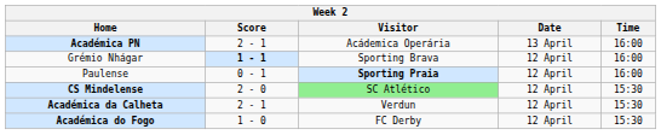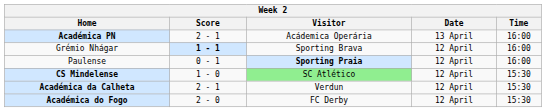 <table class="wikitable" style="margin:1em auto; font-size:95%; text-align: center; width: 95%;">
 <tr>
 <th colspan="12" style="with: 100%;">Week 2</th>
 </tr>
 <tr>
 <th width="200">Home</th>
 <th width="90">Score</th>
 <th width="200">Visitor</th>
 <th width="100">Date</th>
 <th width="50">Time</th>
 </tr>
 <tr>
 <td bgcolor=#D0E7FF><strong>Académica PN</strong></td>
 <td>2 - 1</td>
 <td>Acádemica Operária</td>
 <td>13 April</td>
 <td>16:00</td>
 </tr>
 <tr>
 <td>Grémio Nhágar</td>
 <td bgcolor=#D0E7FF><strong>1 - 1</strong></td>
 <td>Sporting Brava</td>
 <td>12 April</td>
 <td>16:00</td>
 </tr>
 <tr>
 <td>Paulense</td>
 <td>0 - 1</td>
 <td bgcolor=#D0E7FF><strong>Sporting Praia</strong></td>
 <td>12 April</td>
 <td>16:00</td>
 </tr>
 <tr>
 <td bgcolor=#D0E7FF><strong>CS Mindelense</strong></td>
-<td>2 - 0</td>
+<td>1 - 0</td>
 <td style="background: lightgreen;">SC Atlético</td>
 <td>12 April</td>
 <td>15:30</td>
 </tr>
 <tr>
 <td bgcolor=#D0E7FF><strong>Académica da Calheta</strong></td>
 <td>2 - 1</td>
 <td>Verdun</td>
 <td>12 April</td>
 <td>15:30</td>
 </tr>
 <tr>
 <td bgcolor=#D0E7FF><strong>Académica do Fogo</strong></td>
-<td>1 - 0</td>
+<td>2 - 0</td>
 <td>FC Derby</td>
 <td>12 April</td>
 <td>15:30</td>
 </tr>
 </table>
